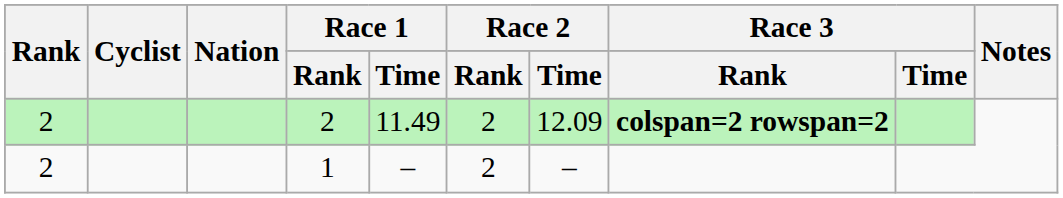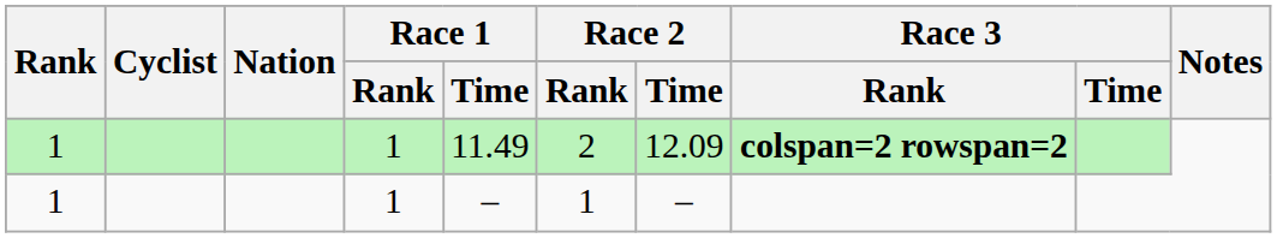 <table class="wikitable sortable" style="text-align:center">
 <tr>
 <th rowspan=2>Rank</th>
 <th rowspan=2>Cyclist</th>
 <th rowspan=2>Nation</th>
 <th colspan=2>Race 1</th>
 <th colspan=2>Race 2</th>
 <th colspan=2>Race 3</th>
 <th rowspan=2>Notes</th>
 </tr>
 <tr>
 <th>Rank</th>
 <th>Time</th>
 <th>Rank</th>
 <th>Time</th>
 <th>Rank</th>
 <th>Time</th>
 </tr>
 <tr bgcolor=bbf3bb>
-<td>2</td>
+<td>1</td>
 <td align=left></td>
 <td align=left></td>
-<td>2</td>
+<td>1</td>
 <td>11.49</td>
 <td>2</td>
 <td>12.09</td>
 <td><strong>colspan=2 rowspan=2 </strong></td>
 <td></td>
 </tr>
 <tr>
-<td>2</td>
+<td>1</td>
 <td align=left></td>
 <td align=left></td>
 <td>1</td>
 <td>–</td>
-<td>2</td>
+<td>1</td>
 <td>–</td>
 <td></td>
 </tr>
 </table>
